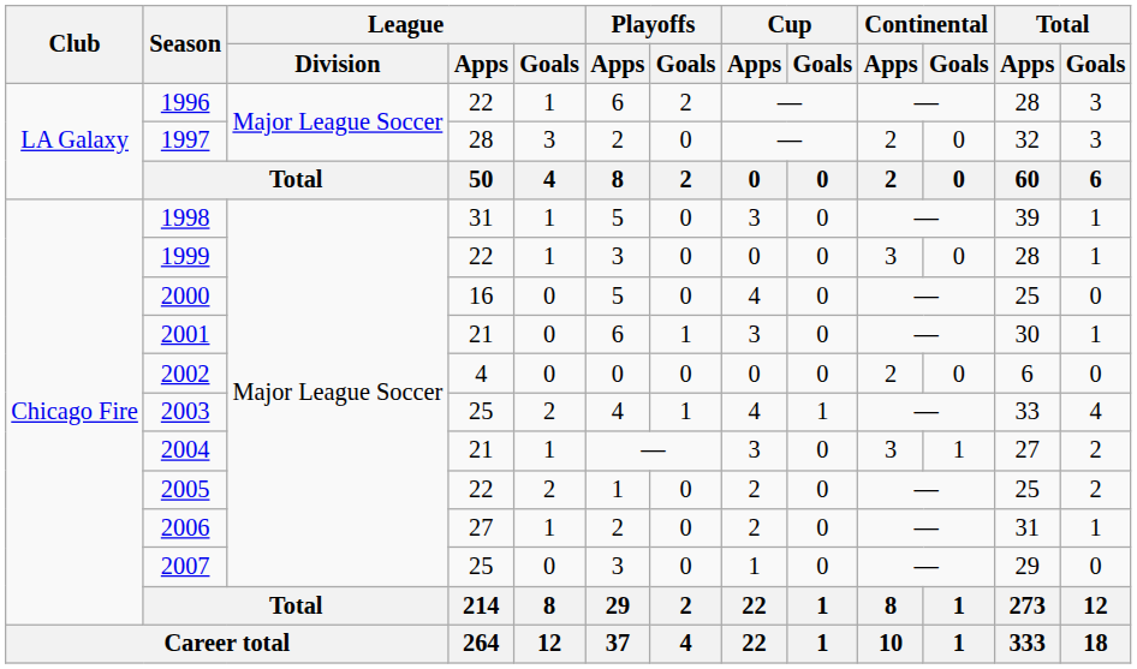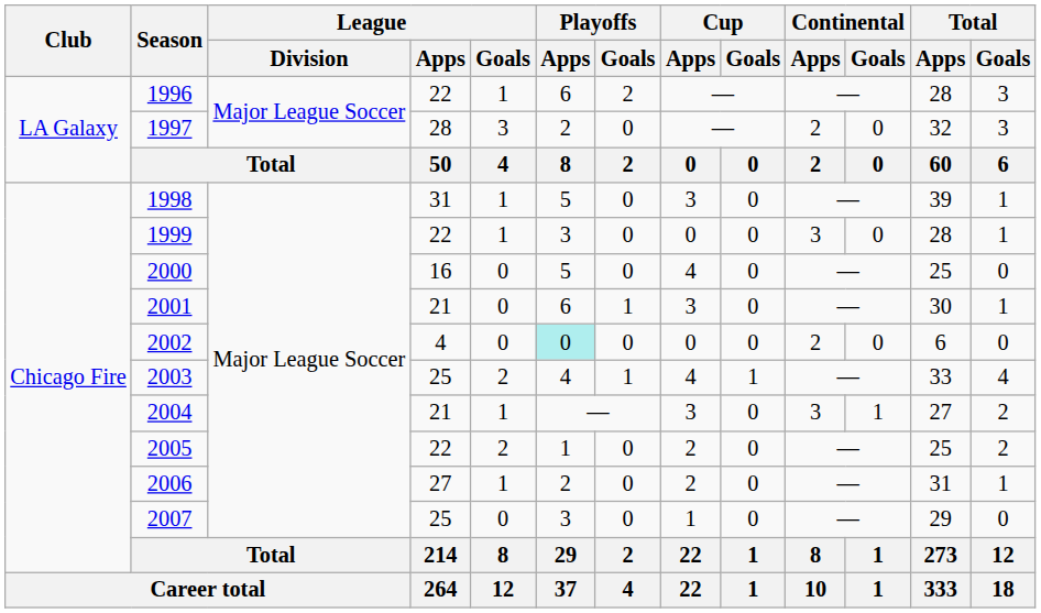 <table class="wikitable" style="text-align: center;">
 <tr>
 <th rowspan=2>Club</th>
 <th rowspan=2>Season</th>
 <th colspan=3>League</th>
 <th colspan=2>Playoffs</th>
 <th colspan=2>Cup</th>
 <th colspan=2>Continental</th>
 <th colspan=2>Total</th>
 </tr>
 <tr>
 <th>Division</th>
 <th>Apps</th>
 <th>Goals</th>
 <th>Apps</th>
 <th>Goals</th>
 <th>Apps</th>
 <th>Goals</th>
 <th>Apps</th>
 <th>Goals</th>
 <th>Apps</th>
 <th>Goals</th>
 </tr>
 <tr>
 <td rowspan=3><a href='#'>LA Galaxy</a></td>
 <td><a href='#'>1996</a></td>
 <td rowspan=2><a href='#'>Major League Soccer</a></td>
 <td>22</td>
 <td>1</td>
 <td>6</td>
 <td>2</td>
 <td colspan=2>—</td>
 <td colspan=2>—</td>
 <td>28</td>
 <td>3</td>
 </tr>
 <tr>
 <td><a href='#'>1997</a></td>
 <td>28</td>
 <td>3</td>
 <td>2</td>
 <td>0</td>
 <td colspan=2>—</td>
 <td>2</td>
 <td>0</td>
 <td>32</td>
 <td>3</td>
 </tr>
 <tr>
 <th colspan=2>Total</th>
 <th>50</th>
 <th>4</th>
 <th>8</th>
 <th>2</th>
 <th>0</th>
 <th>0</th>
 <th>2</th>
 <th>0</th>
 <th>60</th>
 <th>6</th>
 </tr>
 <tr>
 <td rowspan=11><a href='#'>Chicago Fire</a></td>
 <td><a href='#'>1998</a></td>
 <td rowspan=10>Major League Soccer</td>
 <td>31</td>
 <td>1</td>
 <td>5</td>
 <td>0</td>
 <td>3</td>
 <td>0</td>
 <td colspan=2>—</td>
 <td>39</td>
 <td>1</td>
 </tr>
 <tr>
 <td><a href='#'>1999</a></td>
 <td>22</td>
 <td>1</td>
 <td>3</td>
 <td>0</td>
 <td>0</td>
 <td>0</td>
 <td>3</td>
 <td>0</td>
 <td>28</td>
 <td>1</td>
 </tr>
 <tr>
 <td><a href='#'>2000</a></td>
 <td>16</td>
 <td>0</td>
 <td>5</td>
 <td>0</td>
 <td>4</td>
 <td>0</td>
 <td colspan=2>—</td>
 <td>25</td>
 <td>0</td>
 </tr>
 <tr>
 <td><a href='#'>2001</a></td>
 <td>21</td>
 <td>0</td>
 <td>6</td>
 <td>1</td>
 <td>3</td>
 <td>0</td>
 <td colspan=2>—</td>
 <td>30</td>
 <td>1</td>
 </tr>
 <tr>
 <td><a href='#'>2002</a></td>
 <td>4</td>
 <td>0</td>
-<td>0</td>
+<td style="background: paleturquoise;">0</td>
 <td>0</td>
 <td>0</td>
 <td>0</td>
 <td>2</td>
 <td>0</td>
 <td>6</td>
 <td>0</td>
 </tr>
 <tr>
 <td><a href='#'>2003</a></td>
 <td>25</td>
 <td>2</td>
 <td>4</td>
 <td>1</td>
 <td>4</td>
 <td>1</td>
 <td colspan=2>—</td>
 <td>33</td>
 <td>4</td>
 </tr>
 <tr>
 <td><a href='#'>2004</a></td>
 <td>21</td>
 <td>1</td>
 <td colspan=2>—</td>
 <td>3</td>
 <td>0</td>
 <td>3</td>
 <td>1</td>
 <td>27</td>
 <td>2</td>
 </tr>
 <tr>
 <td><a href='#'>2005</a></td>
 <td>22</td>
 <td>2</td>
 <td>1</td>
 <td>0</td>
 <td>2</td>
 <td>0</td>
 <td colspan=2>—</td>
 <td>25</td>
 <td>2</td>
 </tr>
 <tr>
 <td><a href='#'>2006</a></td>
 <td>27</td>
 <td>1</td>
 <td>2</td>
 <td>0</td>
 <td>2</td>
 <td>0</td>
 <td colspan=2>—</td>
 <td>31</td>
 <td>1</td>
 </tr>
 <tr>
 <td><a href='#'>2007</a></td>
 <td>25</td>
 <td>0</td>
 <td>3</td>
 <td>0</td>
 <td>1</td>
 <td>0</td>
 <td colspan=2>—</td>
 <td>29</td>
 <td>0</td>
 </tr>
 <tr>
 <th colspan=2>Total</th>
 <th>214</th>
 <th>8</th>
 <th>29</th>
 <th>2</th>
 <th>22</th>
 <th>1</th>
 <th>8</th>
 <th>1</th>
 <th>273</th>
 <th>12</th>
 </tr>
 <tr>
 <th colspan=3>Career total</th>
 <th>264</th>
 <th>12</th>
 <th>37</th>
 <th>4</th>
 <th>22</th>
 <th>1</th>
 <th>10</th>
 <th>1</th>
 <th>333</th>
 <th>18</th>
 </tr>
 </table>
